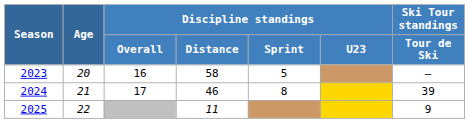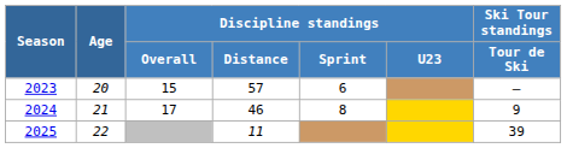 <table class="wikitable" style="font-size:95%; text-align:center; border:grey solid 1px; border-collapse:collapse; background:#ffffff;">
 <tr>
 <th style="background-color:#369; color:white; width:60px;" rowspan="2"> Season </th>
 <th style="background-color:#369; color:white; width:40px;" rowspan="2"> Age </th>
 <th style="background-color:#4180be; color:white;" colspan="4">Discipline standings</th>
 <th style="background-color:#4180be; color:white;" colspan="1">Ski Tour standings</th>
 </tr>
 <tr>
 <th style="background-color:#4180be; color:white; width:75px;">Overall</th>
 <th style="background-color:#4180be; color:white; width:75px;">Distance</th>
 <th style="background-color:#4180be; color:white; width:75px;">Sprint</th>
 <th style="background-color:#4180be; color:white; width:75px;">U23</th>
 <th style="background-color:#4180be; color:white; width:75px;">Tour de<br>Ski</th>
 </tr>
 <tr>
 <td><a href='#'>2023</a></td>
 <td><em>20</em></td>
-<td>16</td>
-<td>58</td>
-<td>5</td>
+<td>15</td>
+<td>57</td>
+<td>6</td>
 <td style="background:#c96;"></td>
 <td>—</td>
 </tr>
 <tr>
 <td><a href='#'>2024</a></td>
 <td><em>21</em></td>
 <td>17</td>
 <td>46</td>
 <td>8</td>
 <td style="background:gold"></td>
-<td>39</td>
+<td>9</td>
 </tr>
 <tr>
 <td><a href='#'>2025</a></td>
 <td><em>22</em></td>
 <td style="background:silver;"></td>
 <td><em>11</em></td>
 <td style="background:#c96;"></td>
 <td style="background:gold"></td>
-<td>9</td>
+<td>39</td>
 </tr>
 </table>
